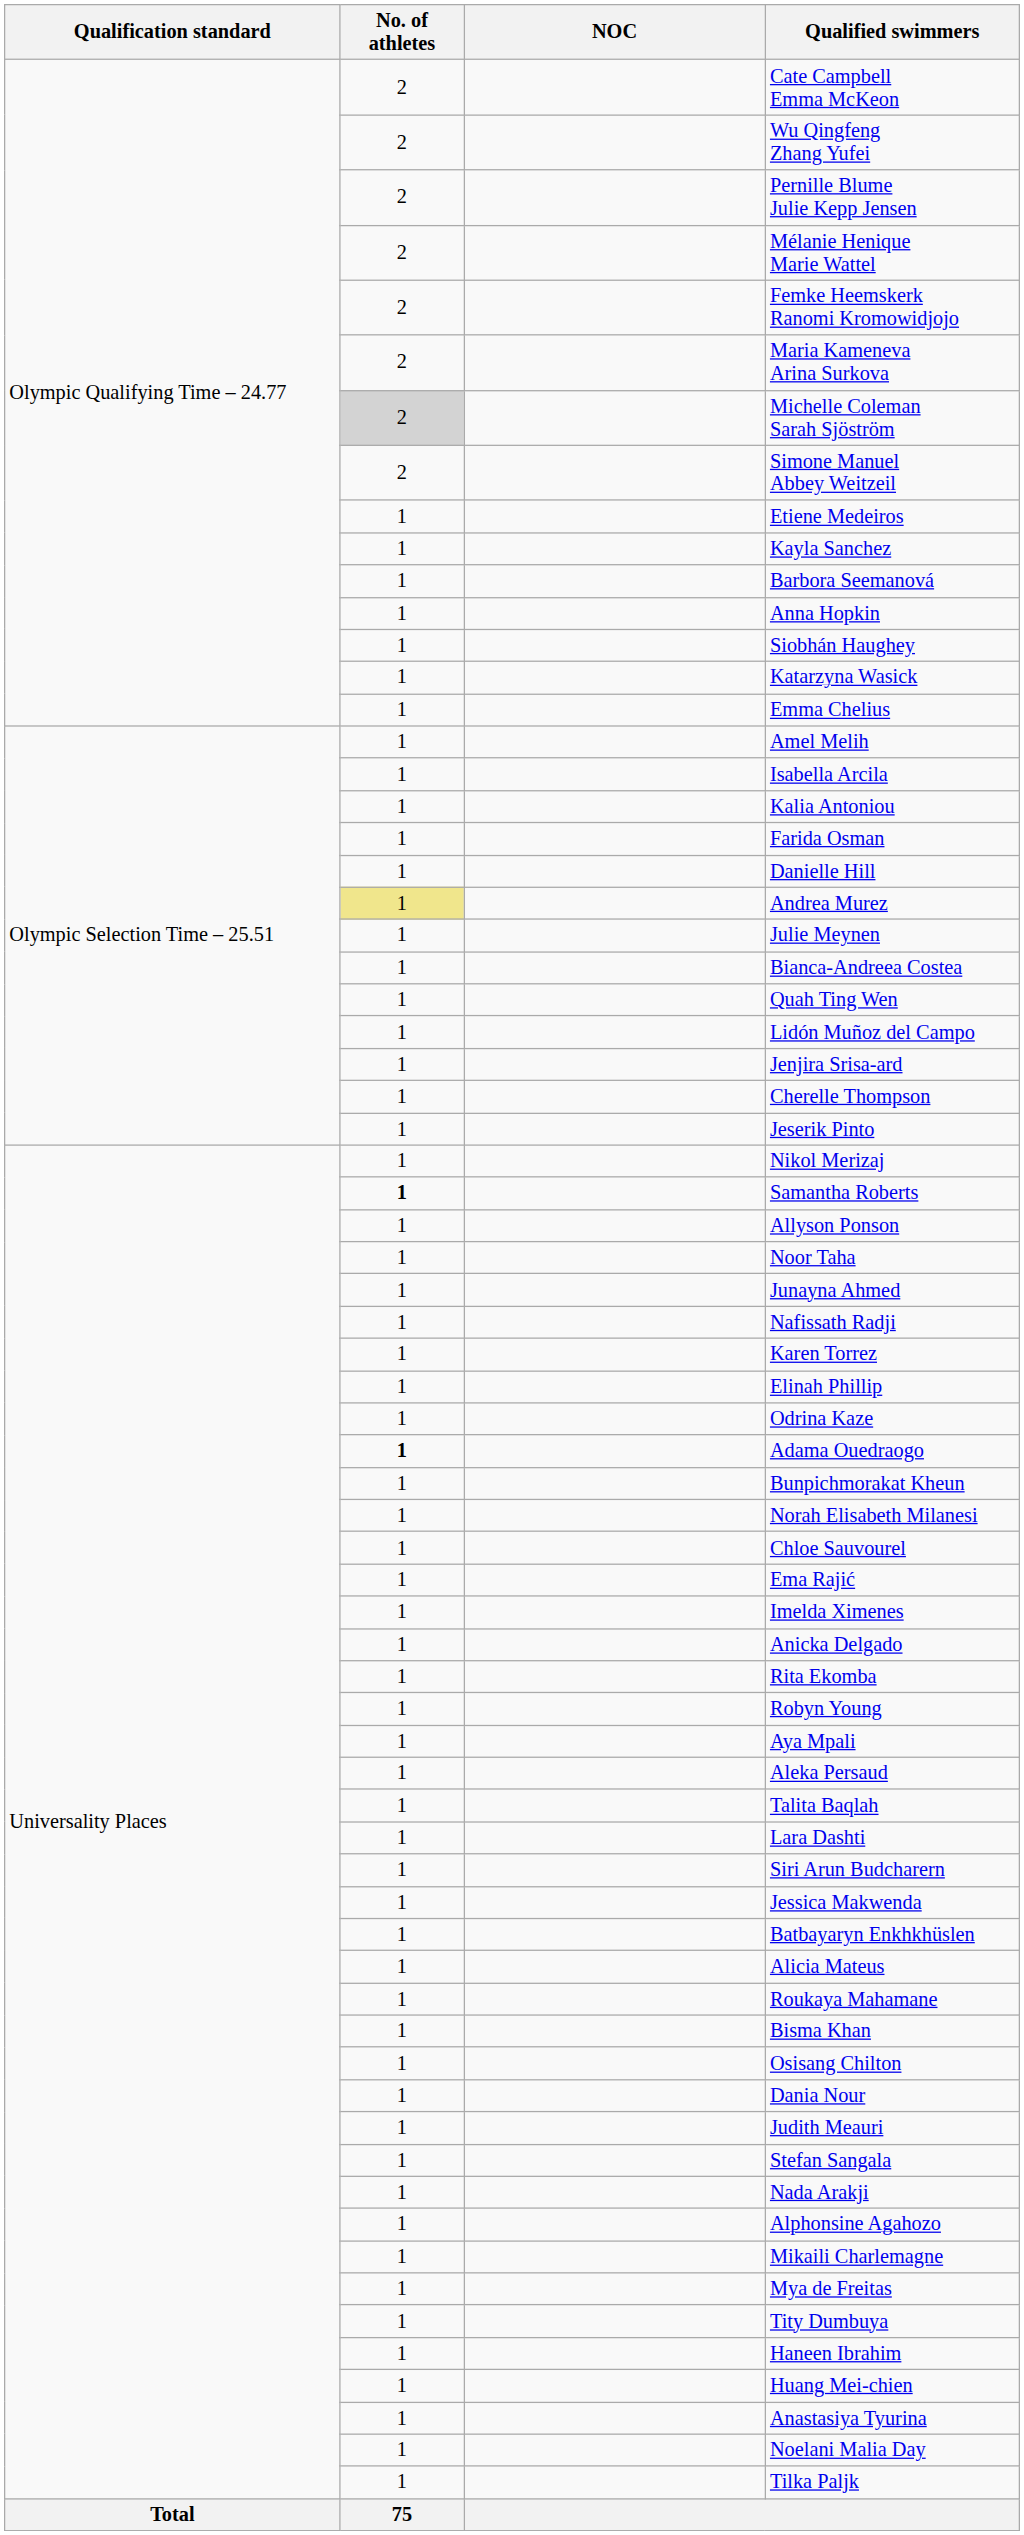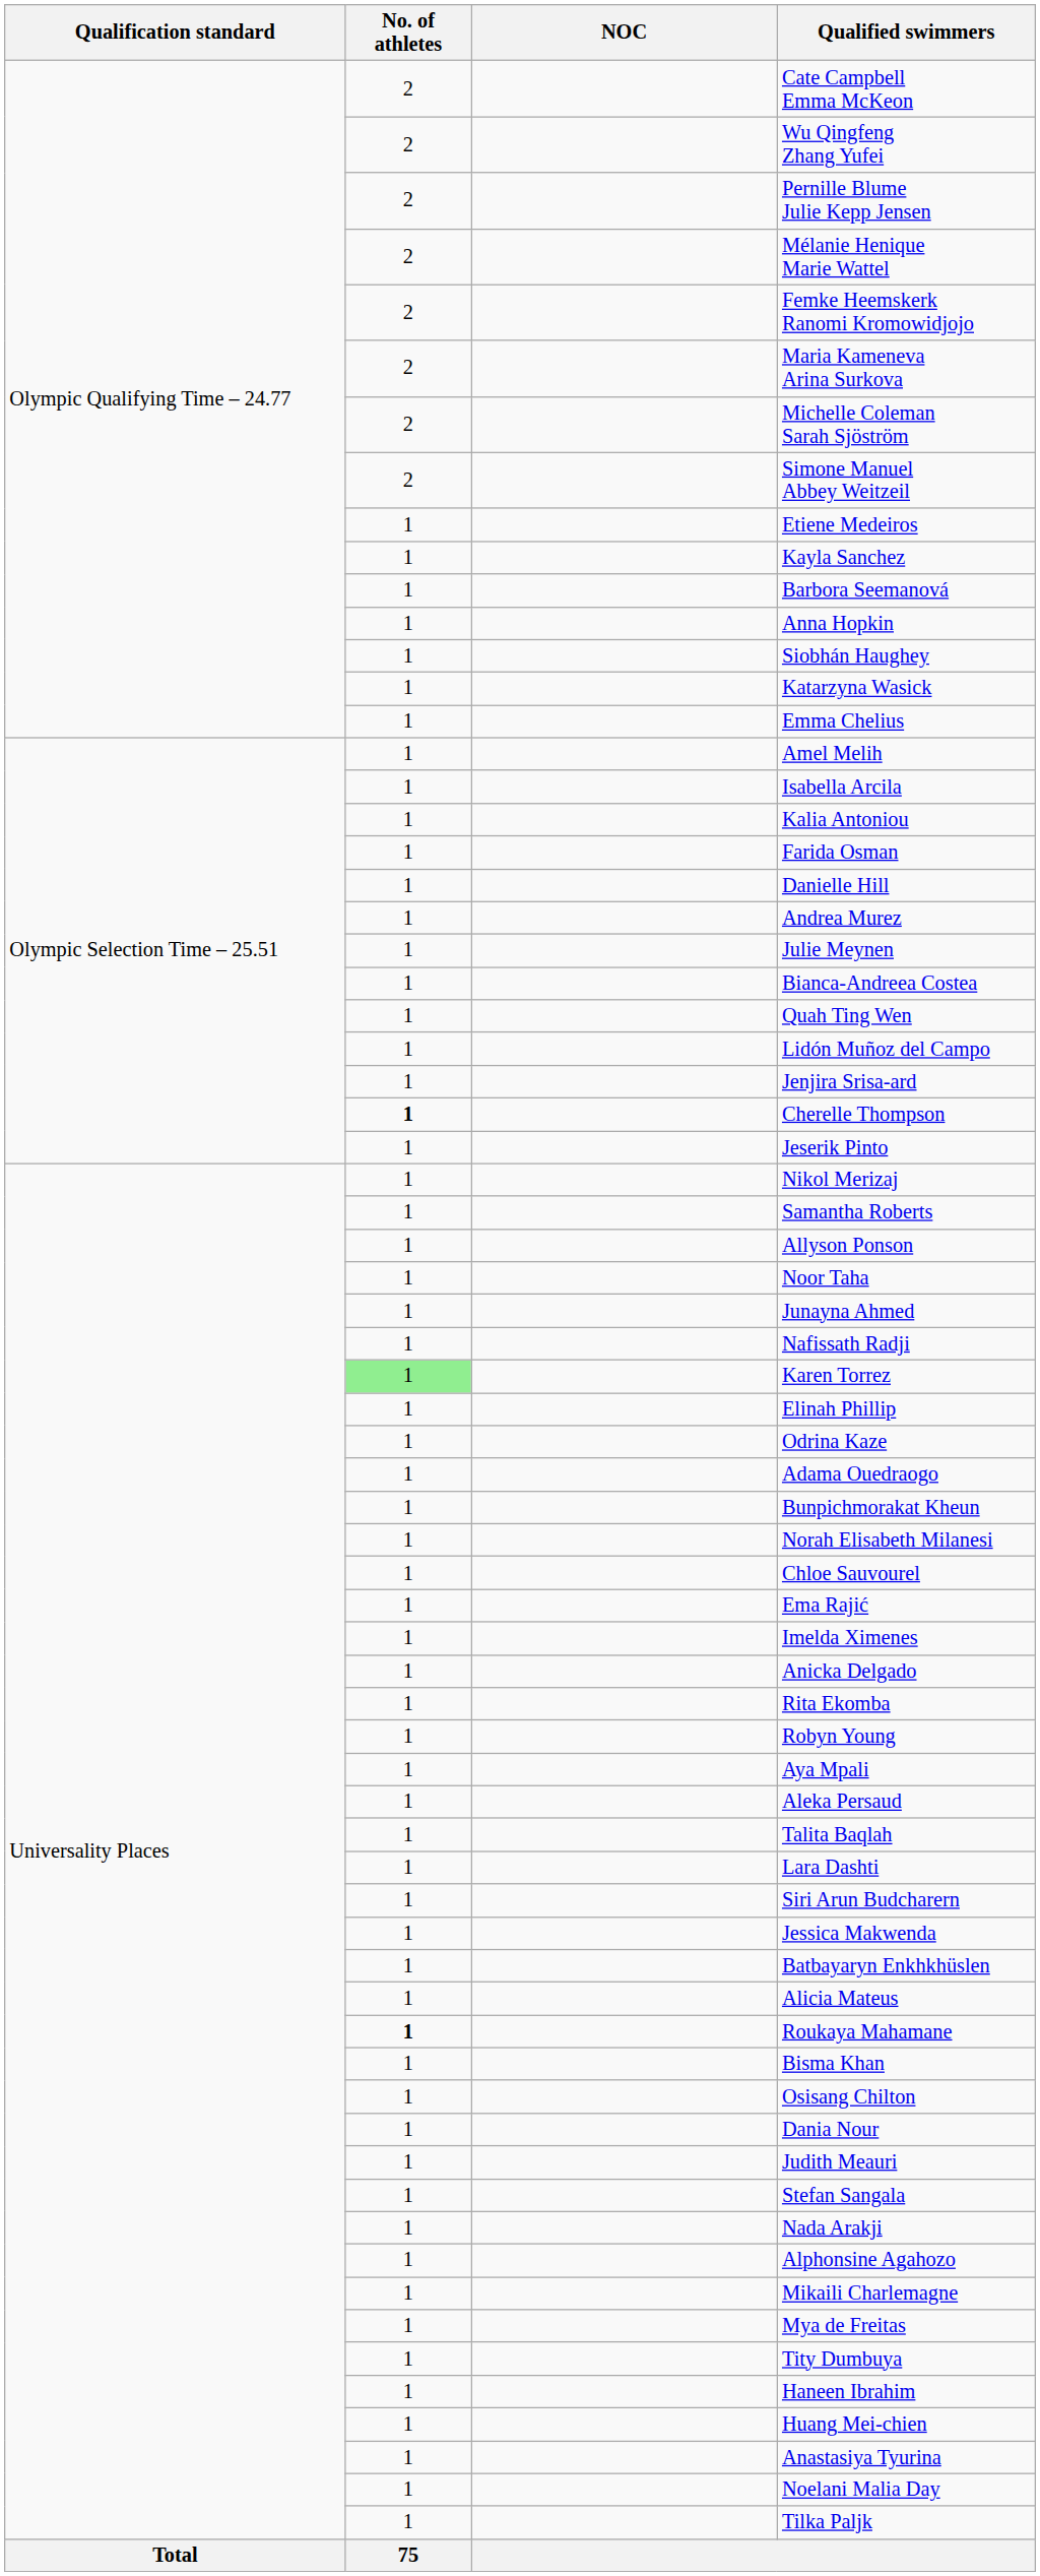 <table class=wikitable style="text-align:left" width=800>
 <tr>
 <th>Qualification standard</th>
 <th width=90>No. of athletes</th>
 <th width=230>NOC</th>
 <th>Qualified swimmers</th>
 </tr>
 <tr>
 <td rowspan=15>Olympic Qualifying Time – 24.77</td>
 <td align=center>2</td>
 <td></td>
 <td><a href='#'>Cate Campbell</a><br><a href='#'>Emma McKeon</a></td>
 </tr>
 <tr>
 <td align=center>2</td>
 <td></td>
 <td><a href='#'>Wu Qingfeng</a><br><a href='#'>Zhang Yufei</a></td>
 </tr>
 <tr>
 <td align=center>2</td>
 <td></td>
 <td><a href='#'>Pernille Blume</a><br><a href='#'>Julie Kepp Jensen</a></td>
 </tr>
 <tr>
 <td align=center>2</td>
 <td></td>
 <td><a href='#'>Mélanie Henique</a><br><a href='#'>Marie Wattel</a></td>
 </tr>
 <tr>
 <td align=center>2</td>
 <td></td>
 <td><a href='#'>Femke Heemskerk</a><br><a href='#'>Ranomi Kromowidjojo</a></td>
 </tr>
 <tr>
 <td align=center>2</td>
 <td></td>
 <td><a href='#'>Maria Kameneva</a><br><a href='#'>Arina Surkova</a></td>
 </tr>
 <tr>
-<td align=center style="background: lightgrey;">2</td>
+<td align=center>2</td>
 <td></td>
 <td><a href='#'>Michelle Coleman</a><br><a href='#'>Sarah Sjöström</a></td>
 </tr>
 <tr>
 <td align=center>2</td>
 <td></td>
 <td><a href='#'>Simone Manuel</a><br><a href='#'>Abbey Weitzeil</a></td>
 </tr>
 <tr>
 <td align=center>1</td>
 <td></td>
 <td><a href='#'>Etiene Medeiros</a></td>
 </tr>
 <tr>
 <td align=center>1</td>
 <td></td>
 <td><a href='#'>Kayla Sanchez</a></td>
 </tr>
 <tr>
 <td align=center>1</td>
 <td></td>
 <td><a href='#'>Barbora Seemanová</a></td>
 </tr>
 <tr>
 <td align=center>1</td>
 <td></td>
 <td><a href='#'>Anna Hopkin</a></td>
 </tr>
 <tr>
 <td align=center>1</td>
 <td></td>
 <td><a href='#'>Siobhán Haughey</a></td>
 </tr>
 <tr>
 <td align=center>1</td>
 <td></td>
 <td><a href='#'>Katarzyna Wasick</a></td>
 </tr>
 <tr>
 <td align=center>1</td>
 <td></td>
 <td><a href='#'>Emma Chelius</a></td>
 </tr>
 <tr>
 <td rowspan=13>Olympic Selection Time – 25.51</td>
 <td align=center>1</td>
 <td></td>
 <td><a href='#'>Amel Melih</a></td>
 </tr>
 <tr>
 <td align=center>1</td>
 <td></td>
 <td><a href='#'>Isabella Arcila</a></td>
 </tr>
 <tr>
 <td align=center>1</td>
 <td></td>
 <td><a href='#'>Kalia Antoniou</a></td>
 </tr>
 <tr>
 <td align=center>1</td>
 <td></td>
 <td><a href='#'>Farida Osman</a></td>
 </tr>
 <tr>
 <td align=center>1</td>
 <td></td>
 <td><a href='#'>Danielle Hill</a></td>
 </tr>
 <tr>
-<td align=center style="background: khaki;">1</td>
+<td align=center>1</td>
 <td></td>
 <td><a href='#'>Andrea Murez</a></td>
 </tr>
 <tr>
 <td align=center>1</td>
 <td></td>
 <td><a href='#'>Julie Meynen</a></td>
 </tr>
 <tr>
 <td align=center>1</td>
 <td></td>
 <td><a href='#'>Bianca-Andreea Costea</a></td>
 </tr>
 <tr>
 <td align=center>1</td>
 <td></td>
 <td><a href='#'>Quah Ting Wen</a></td>
 </tr>
 <tr>
 <td align=center>1</td>
 <td></td>
 <td><a href='#'>Lidón Muñoz del Campo</a></td>
 </tr>
 <tr>
 <td align=center>1</td>
 <td></td>
 <td><a href='#'>Jenjira Srisa-ard</a></td>
 </tr>
 <tr>
-<td align=center>1</td>
+<td align=center><strong>1</strong></td>
 <td></td>
 <td><a href='#'>Cherelle Thompson</a></td>
 </tr>
 <tr>
 <td align=center>1</td>
 <td></td>
 <td><a href='#'>Jeserik Pinto</a></td>
 </tr>
 <tr>
 <td rowspan=42>Universality Places</td>
 <td align=center>1</td>
 <td></td>
 <td><a href='#'>Nikol Merizaj</a></td>
 </tr>
 <tr>
-<td align=center><strong>1</strong></td>
+<td align=center>1</td>
 <td></td>
 <td><a href='#'>Samantha Roberts</a></td>
 </tr>
 <tr>
 <td align=center>1</td>
 <td></td>
 <td><a href='#'>Allyson Ponson</a></td>
 </tr>
 <tr>
 <td align=center>1</td>
 <td></td>
 <td><a href='#'>Noor Taha</a></td>
 </tr>
 <tr>
 <td align=center>1</td>
 <td></td>
 <td><a href='#'>Junayna Ahmed</a></td>
 </tr>
 <tr>
 <td align=center>1</td>
 <td></td>
 <td><a href='#'>Nafissath Radji</a></td>
 </tr>
 <tr>
-<td align=center>1</td>
+<td align=center style="background: lightgreen;">1</td>
 <td></td>
 <td><a href='#'>Karen Torrez</a></td>
 </tr>
 <tr>
 <td align=center>1</td>
 <td></td>
 <td><a href='#'>Elinah Phillip</a></td>
 </tr>
 <tr>
 <td align=center>1</td>
 <td></td>
 <td><a href='#'>Odrina Kaze</a></td>
 </tr>
 <tr>
-<td align=center><strong>1</strong></td>
+<td align=center>1</td>
 <td></td>
 <td><a href='#'>Adama Ouedraogo</a></td>
 </tr>
 <tr>
 <td align=center>1</td>
 <td></td>
 <td><a href='#'>Bunpichmorakat Kheun</a></td>
 </tr>
 <tr>
 <td align=center>1</td>
 <td></td>
 <td><a href='#'>Norah Elisabeth Milanesi</a></td>
 </tr>
 <tr>
 <td align=center>1</td>
 <td></td>
 <td><a href='#'>Chloe Sauvourel</a></td>
 </tr>
 <tr>
 <td align=center>1</td>
 <td></td>
 <td><a href='#'>Ema Rajić</a></td>
 </tr>
 <tr>
 <td align=center>1</td>
 <td></td>
 <td><a href='#'>Imelda Ximenes</a></td>
 </tr>
 <tr>
 <td align=center>1</td>
 <td></td>
 <td><a href='#'>Anicka Delgado</a></td>
 </tr>
 <tr>
 <td align=center>1</td>
 <td></td>
 <td><a href='#'>Rita Ekomba</a></td>
 </tr>
 <tr>
 <td align=center>1</td>
 <td></td>
 <td><a href='#'>Robyn Young</a></td>
 </tr>
 <tr>
 <td align=center>1</td>
 <td></td>
 <td><a href='#'>Aya Mpali</a></td>
 </tr>
 <tr>
 <td align=center>1</td>
 <td></td>
 <td><a href='#'>Aleka Persaud</a></td>
 </tr>
 <tr>
 <td align=center>1</td>
 <td></td>
 <td><a href='#'>Talita Baqlah</a></td>
 </tr>
 <tr>
 <td align=center>1</td>
 <td></td>
 <td><a href='#'>Lara Dashti</a></td>
 </tr>
 <tr>
 <td align=center>1</td>
 <td></td>
 <td><a href='#'>Siri Arun Budcharern</a></td>
 </tr>
 <tr>
 <td align=center>1</td>
 <td></td>
 <td><a href='#'>Jessica Makwenda</a></td>
 </tr>
 <tr>
 <td align=center>1</td>
 <td></td>
 <td><a href='#'>Batbayaryn Enkhkhüslen</a></td>
 </tr>
 <tr>
 <td align=center>1</td>
 <td></td>
 <td><a href='#'>Alicia Mateus</a></td>
 </tr>
 <tr>
-<td align=center>1</td>
+<td align=center><strong>1</strong></td>
 <td></td>
 <td><a href='#'>Roukaya Mahamane</a></td>
 </tr>
 <tr>
 <td align=center>1</td>
 <td></td>
 <td><a href='#'>Bisma Khan</a></td>
 </tr>
 <tr>
 <td align=center>1</td>
 <td></td>
 <td><a href='#'>Osisang Chilton</a></td>
 </tr>
 <tr>
 <td align=center>1</td>
 <td></td>
 <td><a href='#'>Dania Nour</a></td>
 </tr>
 <tr>
 <td align=center>1</td>
 <td></td>
 <td><a href='#'>Judith Meauri</a></td>
 </tr>
 <tr>
 <td align=center>1</td>
 <td></td>
 <td><a href='#'>Stefan Sangala</a></td>
 </tr>
 <tr>
 <td align=center>1</td>
 <td></td>
 <td><a href='#'>Nada Arakji</a></td>
 </tr>
 <tr>
 <td align=center>1</td>
 <td></td>
 <td><a href='#'>Alphonsine Agahozo</a></td>
 </tr>
 <tr>
 <td align=center>1</td>
 <td></td>
 <td><a href='#'>Mikaili Charlemagne</a></td>
 </tr>
 <tr>
 <td align=center>1</td>
 <td></td>
 <td><a href='#'>Mya de Freitas</a></td>
 </tr>
 <tr>
 <td align=center>1</td>
 <td></td>
 <td><a href='#'>Tity Dumbuya</a></td>
 </tr>
 <tr>
 <td align=center>1</td>
 <td></td>
 <td><a href='#'>Haneen Ibrahim</a></td>
 </tr>
 <tr>
 <td align=center>1</td>
 <td></td>
 <td><a href='#'>Huang Mei-chien</a></td>
 </tr>
 <tr>
 <td align=center>1</td>
 <td></td>
 <td><a href='#'>Anastasiya Tyurina</a></td>
 </tr>
 <tr>
 <td align=center>1</td>
 <td></td>
 <td><a href='#'>Noelani Malia Day</a></td>
 </tr>
 <tr>
 <td align=center>1</td>
 <td></td>
 <td><a href='#'>Tilka Paljk</a></td>
 </tr>
 <tr>
 <th><strong>Total</strong></th>
 <th>75</th>
 <th colspan=2></th>
 </tr>
 </table>
